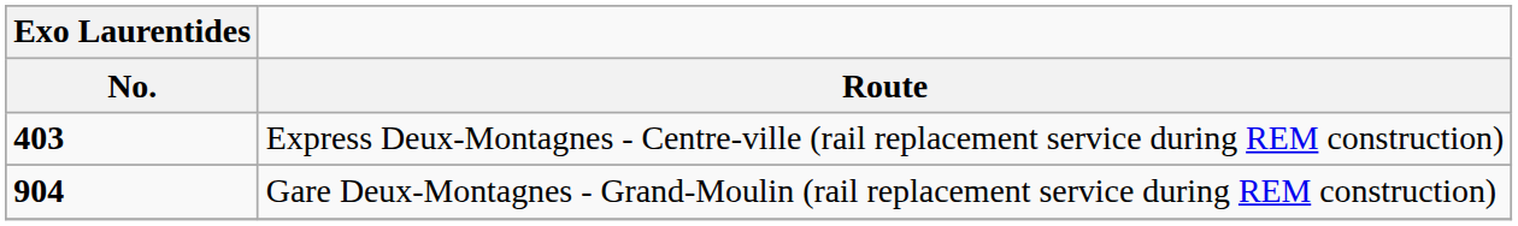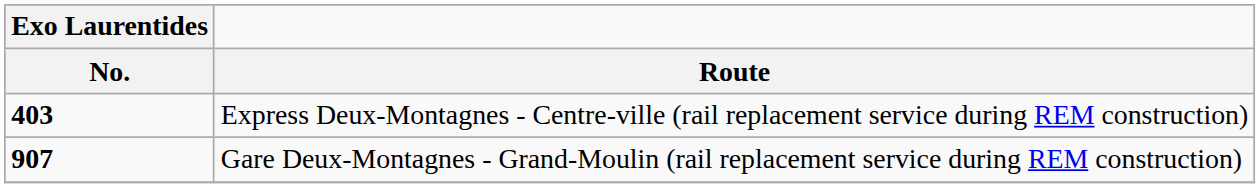 <table class="wikitable">
 <tr>
 <th style="background: #">Exo Laurentides</th>
 </tr>
 <tr>
 <th>No.</th>
 <th>Route</th>
 </tr>
 <tr>
 <td {{border> <strong>403</strong></td>
 <td>Express Deux-Montagnes - Centre-ville (rail replacement service during <a href='#'>REM</a> construction)</td>
 </tr>
 <tr>
-<td {{border> <strong>904</strong></td>
+<td {{border> <strong>907</strong></td>
 <td>Gare Deux-Montagnes - Grand-Moulin (rail replacement service during <a href='#'>REM</a> construction)</td>
 </tr>
 <tr>
 </tr>
 </table>
